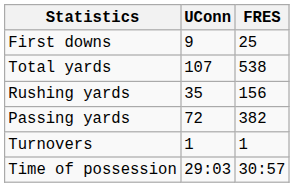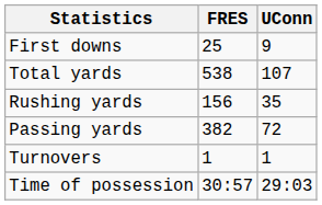 <table class="wikitable">
 <tr>
 <th>Statistics</th>
+<th>FRES</th>
 <th>UConn</th>
-<th>FRES</th>
 </tr>
 <tr>
 <td>First downs</td>
+<td>25</td>
 <td>9</td>
-<td>25</td>
 </tr>
 <tr>
 <td>Total yards</td>
+<td>538</td>
 <td>107</td>
-<td>538</td>
 </tr>
 <tr>
 <td>Rushing yards</td>
+<td>156</td>
 <td>35</td>
-<td>156</td>
 </tr>
 <tr>
 <td>Passing yards</td>
+<td>382</td>
 <td>72</td>
-<td>382</td>
 </tr>
 <tr>
 <td>Turnovers</td>
 <td>1</td>
 <td>1</td>
 </tr>
 <tr>
 <td>Time of possession</td>
+<td>30:57</td>
 <td>29:03</td>
-<td>30:57</td>
 </tr>
 </table>
